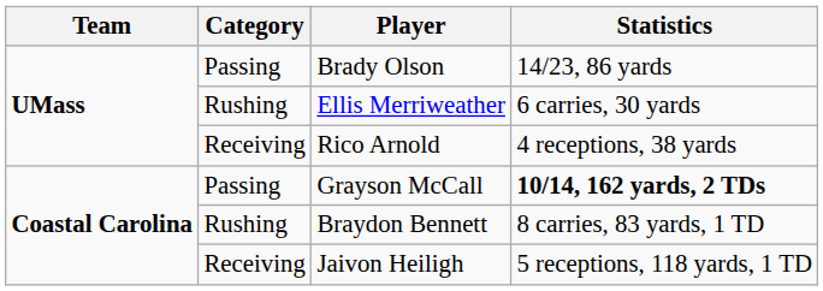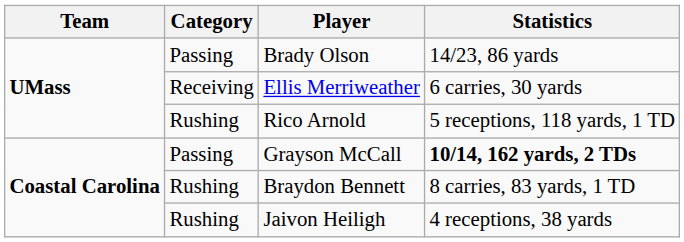 <table class="wikitable" style="float: left;">
 <tr>
 <th>Team</th>
 <th>Category</th>
 <th>Player</th>
 <th>Statistics</th>
 </tr>
 <tr>
 <td rowspan=3><strong>UMass</strong></td>
 <td>Passing</td>
 <td>Brady Olson</td>
 <td>14/23, 86 yards</td>
 </tr>
 <tr>
-<td>Rushing</td>
+<td>Receiving</td>
 <td><a href='#'>Ellis Merriweather</a></td>
 <td>6 carries, 30 yards</td>
 </tr>
 <tr>
-<td>Receiving</td>
+<td>Rushing</td>
 <td>Rico Arnold</td>
-<td>4 receptions, 38 yards</td>
+<td>5 receptions, 118 yards, 1 TD</td>
 </tr>
 <tr>
 <td rowspan=3><strong>Coastal Carolina</strong></td>
 <td>Passing</td>
 <td>Grayson McCall</td>
 <td><strong>10/14, 162 yards, 2 TDs</strong></td>
 </tr>
 <tr>
 <td>Rushing</td>
 <td>Braydon Bennett</td>
 <td>8 carries, 83 yards, 1 TD</td>
 </tr>
 <tr>
-<td>Receiving</td>
+<td>Rushing</td>
 <td>Jaivon Heiligh</td>
-<td>5 receptions, 118 yards, 1 TD</td>
+<td>4 receptions, 38 yards</td>
 </tr>
 </table>
